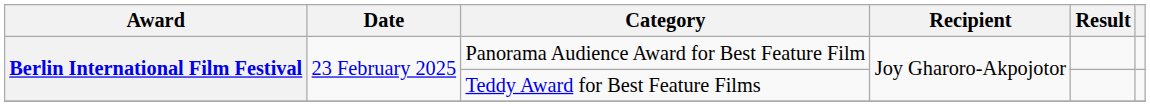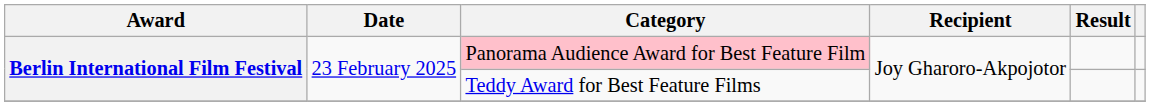 <table class="wikitable sortable plainrowheaders">
 <tr>
 <th>Award</th>
 <th>Date</th>
 <th>Category</th>
 <th>Recipient</th>
 <th>Result</th>
 <th></th>
 </tr>
 <tr>
 <th scope="row" rowspan="2"><a href='#'>Berlin International Film Festival</a></th>
 <td rowspan="2"><a href='#'>23 February 2025</a></td>
-<td>Panorama Audience Award for Best Feature Film</td>
+<td style="background: pink;">Panorama Audience Award for Best Feature Film</td>
 <td rowspan="2">Joy Gharoro-Akpojotor</td>
 <td></td>
 <td align="center" rowspan="1"></td>
 </tr>
 <tr>
 <td><a href='#'>Teddy Award</a> for Best Feature Films</td>
 <td></td>
 <td align="center" rowspan="1"></td>
 </tr>
 <tr>
 </tr>
 </table>
